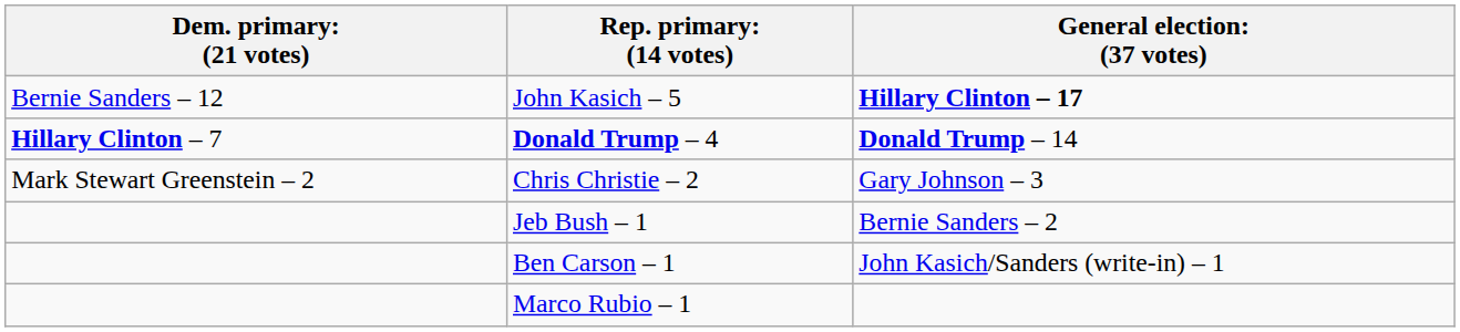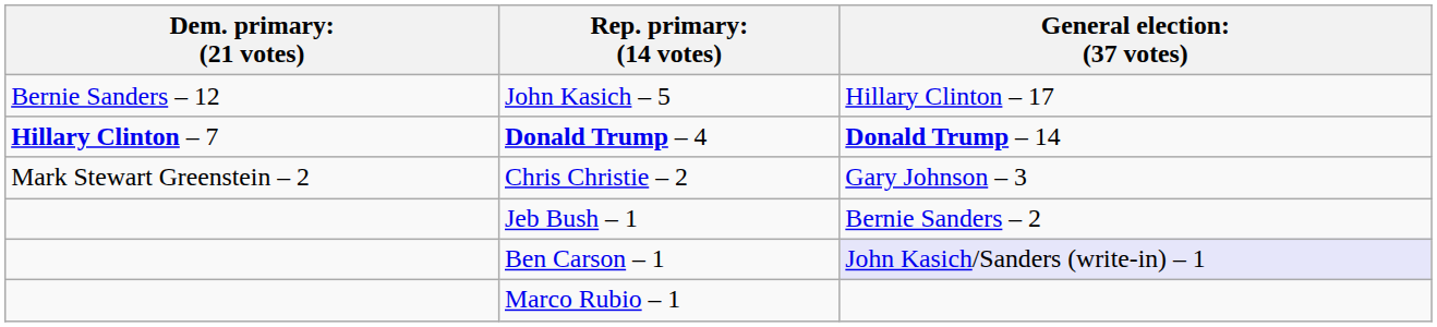 <table class="wikitable" width="70%">
 <tr>
 <th><strong>Dem. primary:</strong><br>(21 votes)</th>
 <th><strong>Rep. primary:</strong><br>(14 votes)</th>
 <th><strong>General election:</strong><br>(37 votes)</th>
 </tr>
 <tr>
 <td><a href='#'>Bernie Sanders</a> – 12</td>
 <td><a href='#'>John Kasich</a> – 5</td>
-<td><strong><a href='#'>Hillary Clinton</a> – 17</strong></td>
+<td><a href='#'>Hillary Clinton</a> – 17</td>
 </tr>
 <tr>
 <td><strong><a href='#'>Hillary Clinton</a></strong> – 7</td>
 <td><strong><a href='#'>Donald Trump</a></strong> – 4</td>
 <td><strong><a href='#'>Donald Trump</a></strong> – 14</td>
 </tr>
 <tr>
 <td>Mark Stewart Greenstein – 2</td>
 <td><a href='#'>Chris Christie</a> – 2</td>
 <td><a href='#'>Gary Johnson</a> – 3</td>
 </tr>
 <tr>
 <td></td>
 <td><a href='#'>Jeb Bush</a> – 1</td>
 <td><a href='#'>Bernie Sanders</a> – 2</td>
 </tr>
 <tr>
 <td></td>
 <td><a href='#'>Ben Carson</a> – 1</td>
-<td><a href='#'>John Kasich</a>/Sanders (write-in) – 1</td>
+<td style="background: lavender;"><a href='#'>John Kasich</a>/Sanders (write-in) – 1</td>
 </tr>
 <tr>
 <td></td>
 <td><a href='#'>Marco Rubio</a> – 1</td>
 <td></td>
 </tr>
 </table>
